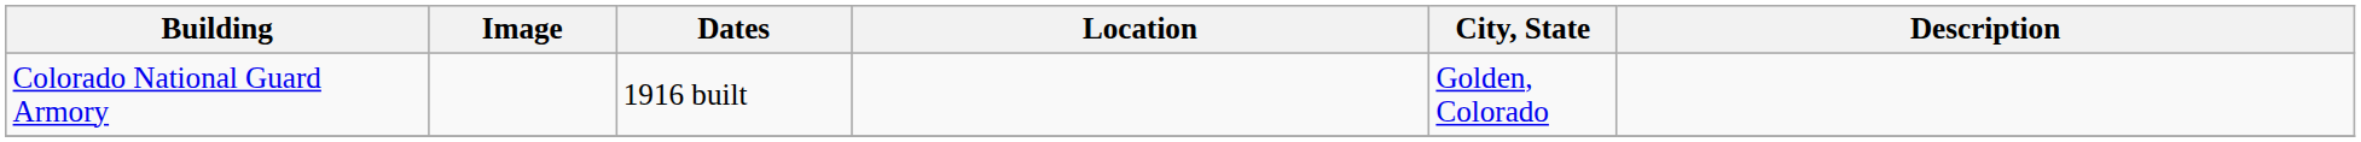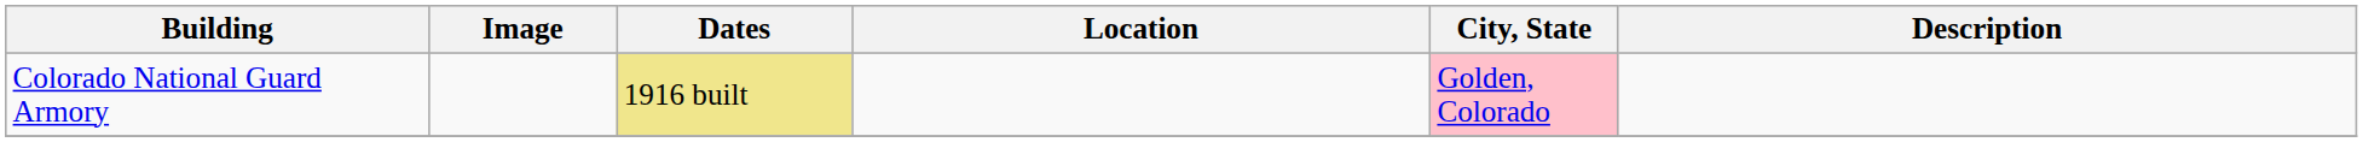 <table class="wikitable sortable" style="width:98%">
 <tr>
 <th width = 18%><strong>Building</strong></th>
 <th width = 8% class="unsortable"><strong>Image</strong></th>
 <th width = 10%><strong>Dates</strong></th>
 <th><strong>Location</strong></th>
 <th width = 8%><strong>City, State</strong></th>
 <th class="unsortable"><strong>Description</strong></th>
 </tr>
 <tr>
 <td><a href='#'>Colorado National Guard Armory</a></td>
 <td></td>
-<td>1916 built</td>
+<td style="background: khaki;">1916 built</td>
 <td></td>
-<td><a href='#'>Golden, Colorado</a></td>
+<td style="background: pink;"><a href='#'>Golden, Colorado</a></td>
 <td></td>
 </tr>
 <tr>
 </tr>
 </table>
